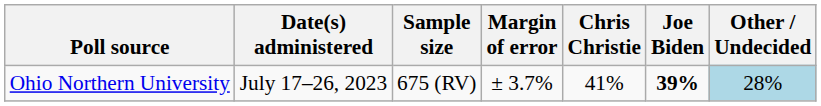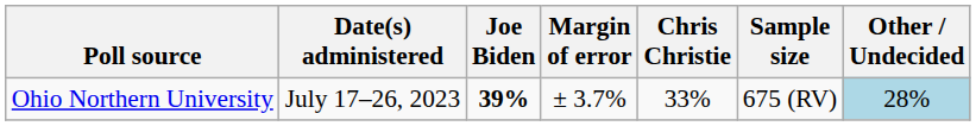 <table class="wikitable sortable mw-datatable" style="font-size:90%;text-align:center;line-height:17px">
 <tr valign=bottom>
 <th>Poll source</th>
 <th>Date(s)<br>administered</th>
-<th>Sample<br>size</th>
+<th class="unsortable">Joe<br>Biden<br></th>
 <th>Margin<br>of error</th>
 <th class="unsortable">Chris<br>Christie<br></th>
-<th class="unsortable">Joe<br>Biden<br></th>
+<th>Sample<br>size</th>
 <th class="unsortable">Other /<br>Undecided</th>
 </tr>
 <tr>
 <td style="text-align:left;"><a href='#'>Ohio Northern University</a></td>
 <td data-sort-value="2023-07-26">July 17–26, 2023</td>
+<td style="color:black;background-color:"><strong>39%</strong></td>
+<td>± 3.7%</td>
+<td>33%</td>
 <td>675 (RV)</td>
-<td>± 3.7%</td>
-<td>41%</td>
-<td style="color:black;background-color:"><strong>39%</strong></td>
 <td style="background: lightblue;">28%</td>
 </tr>
 </table>
